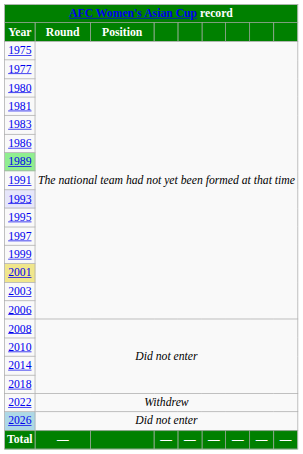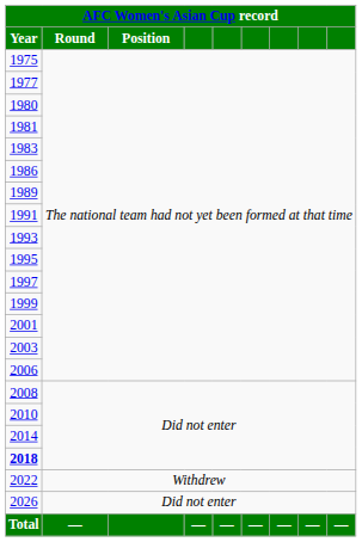 <table class="wikitable" style="text-align:center">
 <tr>
 <th colspan="9" style="background:green; color:#FFF; "><a href='#'><span>AFC Women's Asian Cup</span></a> record</th>
 </tr>
 <tr>
 <th style="background:green; color:#FFF; ">Year</th>
 <th style="background:green; color:#FFF; ">Round</th>
 <th style="background:green; color:#FFF; ">Position</th>
 <th style="background:green; color:#FFF; "></th>
 <th style="background:green; color:#FFF; "></th>
 <th style="background:green; color:#FFF; "></th>
 <th style="background:green; color:#FFF; "></th>
 <th style="background:green; color:#FFF; "></th>
 <th style="background:green; color:#FFF; "></th>
 </tr>
 <tr>
 <td> <a href='#'>1975</a></td>
 <td rowspan="15" colspan="8"><em>The national team had not yet been formed at that time</em></td>
 </tr>
 <tr>
 <td> <a href='#'>1977</a></td>
 </tr>
 <tr>
 <td> <a href='#'>1980</a></td>
 </tr>
 <tr>
 <td> <a href='#'>1981</a></td>
 </tr>
 <tr>
 <td> <a href='#'>1983</a></td>
 </tr>
 <tr>
 <td> <a href='#'>1986</a></td>
 </tr>
 <tr>
-<td style="background: lightgreen;"> <a href='#'>1989</a></td>
+<td> <a href='#'>1989</a></td>
 </tr>
 <tr>
 <td> <a href='#'>1991</a></td>
 </tr>
 <tr>
-<td style="background: lavender;"> <a href='#'>1993</a></td>
+<td> <a href='#'>1993</a></td>
 </tr>
 <tr>
 <td> <a href='#'>1995</a></td>
 </tr>
 <tr>
 <td> <a href='#'>1997</a></td>
 </tr>
 <tr>
 <td> <a href='#'>1999</a></td>
 </tr>
 <tr>
-<td style="background: khaki;"> <a href='#'>2001</a></td>
+<td> <a href='#'>2001</a></td>
 </tr>
 <tr>
 <td> <a href='#'>2003</a></td>
 </tr>
 <tr>
 <td> <a href='#'>2006</a></td>
 </tr>
 <tr>
 <td> <a href='#'>2008</a></td>
 <td rowspan="4" colspan="8"><em>Did not enter</em></td>
 </tr>
 <tr>
 <td> <a href='#'>2010</a></td>
 </tr>
 <tr>
 <td> <a href='#'>2014</a></td>
 </tr>
 <tr>
-<td> <a href='#'>2018</a></td>
+<td><strong> <a href='#'>2018</a></strong></td>
 </tr>
 <tr>
 <td> <a href='#'>2022</a></td>
 <td colspan="8"><em>Withdrew</em></td>
 </tr>
 <tr>
-<td style="background: lightblue;"> <a href='#'>2026</a></td>
+<td> <a href='#'>2026</a></td>
 <td colspan="8"><em>Did not enter</em></td>
 </tr>
 <tr>
 <th style="background:green; color:#FFF; ">Total</th>
 <th style="background:green; color:#FFF; ">—</th>
 <th style="background:green; color:#FFF; "></th>
 <th style="background:green; color:#FFF; ">—</th>
 <th style="background:green; color:#FFF; ">—</th>
 <th style="background:green; color:#FFF; ">—</th>
 <th style="background:green; color:#FFF; ">—</th>
 <th style="background:green; color:#FFF; ">—</th>
 <th style="background:green; color:#FFF; ">—</th>
 </tr>
 </table>
